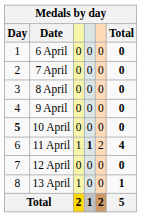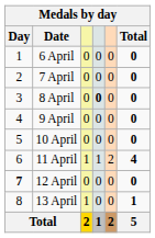 <table class=wikitable style=font-size:85%;float:right;text-align:center>
 <tr style="background:#efefef;">
 <th colspan=6>Medals by day</th>
 </tr>
 <tr>
 <th>Day</th>
 <th>Date</th>
 <td bgcolor=F7F6A8></td>
 <td bgcolor=DCE5E5></td>
 <td bgcolor=FFDAB9></td>
 <th>Total</th>
 </tr>
 <tr>
 <td>1</td>
 <td>6 April</td>
 <td bgcolor=F7F6A8>0</td>
 <td bgcolor=DCE5E5>0</td>
 <td bgcolor=FFDAB9>0</td>
 <td><strong>0</strong></td>
 </tr>
 <tr style="text-align:center">
 <td>2</td>
 <td>7 April</td>
 <td bgcolor=F7F6A8>0</td>
 <td bgcolor=DCE5E5>0</td>
 <td bgcolor=FFDAB9>0</td>
 <td><strong>0</strong></td>
 </tr>
 <tr style="text-align:center">
 <td>3</td>
 <td>8 April</td>
 <td bgcolor=F7F6A8>0</td>
-<td bgcolor=DCE5E5>0</td>
+<td bgcolor=DCE5E5><strong>0</strong></td>
 <td bgcolor=FFDAB9>0</td>
 <td><strong>0</strong></td>
 </tr>
 <tr style="text-align:center">
 <td>4</td>
 <td>9 April</td>
 <td bgcolor=F7F6A8>0</td>
 <td bgcolor=DCE5E5>0</td>
 <td bgcolor=FFDAB9>0</td>
 <td><strong>0</strong></td>
 </tr>
 <tr style="text-align:center">
-<td><strong>5</strong></td>
+<td>5</td>
 <td>10 April</td>
 <td bgcolor=F7F6A8>0</td>
 <td bgcolor=DCE5E5>0</td>
 <td bgcolor=FFDAB9>0</td>
 <td><strong>0</strong></td>
 </tr>
 <tr style="text-align:center">
 <td>6</td>
 <td>11 April</td>
 <td bgcolor=F7F6A8>1</td>
-<td bgcolor=DCE5E5><strong>1</strong></td>
+<td bgcolor=DCE5E5>1</td>
 <td bgcolor=FFDAB9>2</td>
 <td><strong>4</strong></td>
 </tr>
 <tr style="text-align:center">
-<td>7</td>
+<td><strong>7</strong></td>
 <td>12 April</td>
 <td bgcolor=F7F6A8>0</td>
 <td bgcolor=DCE5E5>0</td>
 <td bgcolor=FFDAB9>0</td>
 <td><strong>0</strong></td>
 </tr>
 <tr style="text-align:center">
 <td>8</td>
 <td>13 April</td>
 <td bgcolor=F7F6A8>1</td>
 <td bgcolor=DCE5E5>0</td>
 <td bgcolor=FFDAB9>0</td>
 <td><strong>1</strong></td>
 </tr>
 <tr>
 <th colspan=2>Total</th>
 <th style="background:gold">2</th>
 <th style="background:silver">1</th>
 <th style="background:#c96">2</th>
 <th>5</th>
 </tr>
 </table>
